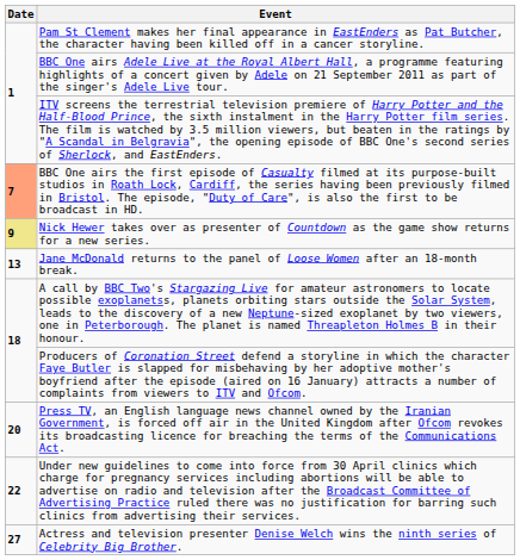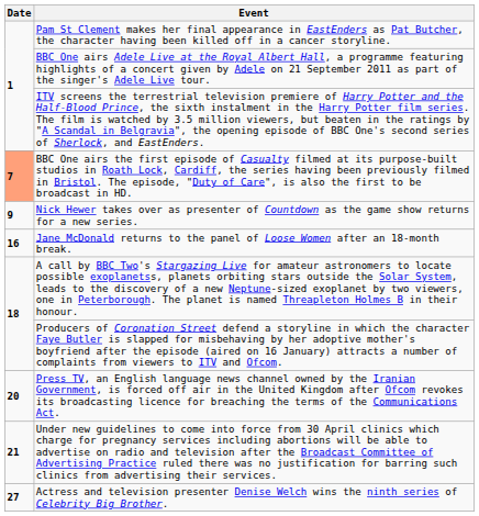 <table class="wikitable">
 <tr>
 <th>Date</th>
 <th>Event</th>
 </tr>
 <tr>
 <td rowspan=3><strong>1</strong></td>
 <td><a href='#'>Pam St Clement</a> makes her final appearance in <em><a href='#'>EastEnders</a></em> as <a href='#'>Pat Butcher</a>, the character having been killed off in a cancer storyline.</td>
 </tr>
 <tr>
 <td><a href='#'>BBC One</a> airs <em><a href='#'>Adele Live at the Royal Albert Hall</a></em>, a programme featuring highlights of a concert given by <a href='#'>Adele</a> on 21 September 2011 as part of the singer's <a href='#'>Adele Live</a> tour.</td>
 </tr>
 <tr>
 <td><a href='#'>ITV</a> screens the terrestrial television premiere of <em><a href='#'>Harry Potter and the Half-Blood Prince</a></em>, the sixth instalment in the <a href='#'>Harry Potter film series</a>. The film is watched by 3.5 million viewers, but beaten in the ratings by "<a href='#'>A Scandal in Belgravia</a>", the opening episode of BBC One's second series of <em><a href='#'>Sherlock</a></em>, and <em>EastEnders</em>.</td>
 </tr>
 <tr>
 <td style="background: lightsalmon;"><strong>7</strong></td>
 <td>BBC One airs the first episode of <em><a href='#'>Casualty</a></em> filmed at its purpose-built studios in <a href='#'>Roath Lock</a>, <a href='#'>Cardiff</a>, the series having been previously filmed in <a href='#'>Bristol</a>. The episode, "<a href='#'>Duty of Care</a>", is also the first to be broadcast in HD.</td>
 </tr>
 <tr>
-<td style="background: khaki;"><strong>9</strong></td>
+<td><strong>9</strong></td>
 <td><a href='#'>Nick Hewer</a> takes over as presenter of <em><a href='#'>Countdown</a></em> as the game show returns for a new series.</td>
 </tr>
 <tr>
-<td><strong>13</strong></td>
+<td><strong>16</strong></td>
 <td><a href='#'>Jane McDonald</a> returns to the panel of <em><a href='#'>Loose Women</a></em> after an 18-month break.</td>
 </tr>
 <tr>
 <td rowspan=2><strong>18</strong></td>
 <td>A call by <a href='#'>BBC Two</a>'s <em><a href='#'>Stargazing Live</a></em> for amateur astronomers to locate possible <a href='#'>exoplanets</a>s, planets orbiting stars outside the <a href='#'>Solar System</a>, leads to the discovery of a new <a href='#'>Neptune</a>-sized exoplanet by two viewers, one in <a href='#'>Peterborough</a>. The planet is named <a href='#'>Threapleton Holmes B</a> in their honour.</td>
 </tr>
 <tr>
 <td>Producers of <em><a href='#'>Coronation Street</a></em> defend a storyline in which the character <a href='#'>Faye Butler</a> is slapped for misbehaving by her adoptive mother's boyfriend after the episode (aired on 16 January) attracts a number of complaints from viewers to <a href='#'>ITV</a> and <a href='#'>Ofcom</a>.</td>
 </tr>
 <tr>
 <td><strong>20</strong></td>
 <td><a href='#'>Press TV</a>, an English language news channel owned by the <a href='#'>Iranian Government</a>, is forced off air in the United Kingdom after <a href='#'>Ofcom</a> revokes its broadcasting licence for breaching the terms of the <a href='#'>Communications Act</a>.</td>
 </tr>
 <tr>
-<td><strong>22</strong></td>
+<td><strong>21</strong></td>
 <td>Under new guidelines to come into force from 30 April clinics which charge for pregnancy services including abortions will be able to advertise on radio and television after the <a href='#'>Broadcast Committee of Advertising Practice</a> ruled there was no justification for barring such clinics from advertising their services.</td>
 </tr>
 <tr>
 <td><strong>27</strong></td>
 <td>Actress and television presenter <a href='#'>Denise Welch</a> wins the <a href='#'>ninth series</a> of <em><a href='#'>Celebrity Big Brother</a></em>.</td>
 </tr>
 </table>
